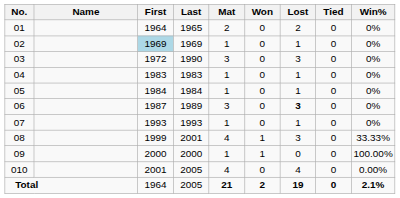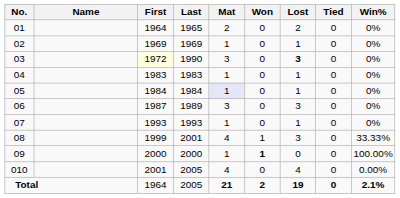 <table class="wikitable sortable sticky-header" style="margin: 1em auto 1em auto">
 <tr>
 <th width="40">No.</th>
 <th width="160">Name</th>
 <th width="50">First</th>
 <th width="50">Last</th>
 <th width="50">Mat</th>
 <th width="50">Won</th>
 <th width="50">Lost</th>
 <th width="50">Tied</th>
 <th width="60">Win%</th>
 </tr>
 <tr align=center>
 <td><span>0</span>1</td>
 <td align=left></td>
 <td>1964</td>
 <td>1965</td>
 <td>2</td>
 <td>0</td>
 <td>2</td>
 <td>0</td>
 <td>0%</td>
 </tr>
 <tr align=center>
 <td><span>0</span>2</td>
 <td align=left></td>
-<td style="background: lightblue;">1969</td>
+<td>1969</td>
 <td>1969</td>
 <td>1</td>
 <td>0</td>
 <td>1</td>
 <td>0</td>
 <td>0%</td>
 </tr>
 <tr align=center>
 <td><span>0</span>3</td>
 <td align=left></td>
-<td>1972</td>
+<td style="background: lightyellow;">1972</td>
 <td>1990</td>
 <td>3</td>
 <td>0</td>
-<td>3</td>
+<td><strong>3</strong></td>
 <td>0</td>
 <td>0%</td>
 </tr>
 <tr align=center>
 <td><span>0</span>4</td>
 <td align=left></td>
 <td>1983</td>
 <td>1983</td>
 <td>1</td>
 <td>0</td>
 <td>1</td>
 <td>0</td>
 <td>0%</td>
 </tr>
 <tr align=center>
 <td><span>0</span>5</td>
 <td align=left></td>
 <td>1984</td>
 <td>1984</td>
-<td>1</td>
+<td style="background: lavender;">1</td>
 <td>0</td>
 <td>1</td>
 <td>0</td>
 <td>0%</td>
 </tr>
 <tr align=center>
 <td><span>0</span>6</td>
 <td align=left></td>
 <td>1987</td>
 <td>1989</td>
 <td>3</td>
 <td>0</td>
-<td><strong>3</strong></td>
+<td>3</td>
 <td>0</td>
 <td>0%</td>
 </tr>
 <tr align=center>
 <td><span>0</span>7</td>
 <td align=left></td>
 <td>1993</td>
 <td>1993</td>
 <td>1</td>
 <td>0</td>
 <td>1</td>
 <td>0</td>
 <td>0%</td>
 </tr>
 <tr align=center>
 <td><span>0</span>8</td>
 <td align=left></td>
 <td>1999</td>
 <td>2001</td>
 <td>4</td>
 <td>1</td>
 <td>3</td>
 <td>0</td>
 <td>33.33%</td>
 </tr>
 <tr align=center>
 <td><span>0</span>9</td>
 <td align=left></td>
 <td>2000</td>
 <td>2000</td>
 <td>1</td>
-<td>1</td>
+<td><strong>1</strong></td>
 <td>0</td>
 <td>0</td>
 <td>100.00%</td>
 </tr>
 <tr align=center>
 <td><span>0</span>10</td>
 <td align=left></td>
 <td>2001</td>
 <td>2005</td>
 <td>4</td>
 <td>0</td>
 <td>4</td>
 <td>0</td>
 <td>0.00%</td>
 </tr>
 <tr class="sortbottom" align=center>
 <td colspan=2 align=left><strong>   Total</strong></td>
 <td>1964</td>
 <td>2005</td>
 <td><strong>21</strong></td>
 <td><strong>2</strong></td>
 <td><strong>19</strong></td>
 <td><strong>0</strong></td>
 <td><strong>2.1%</strong></td>
 </tr>
 </table>
